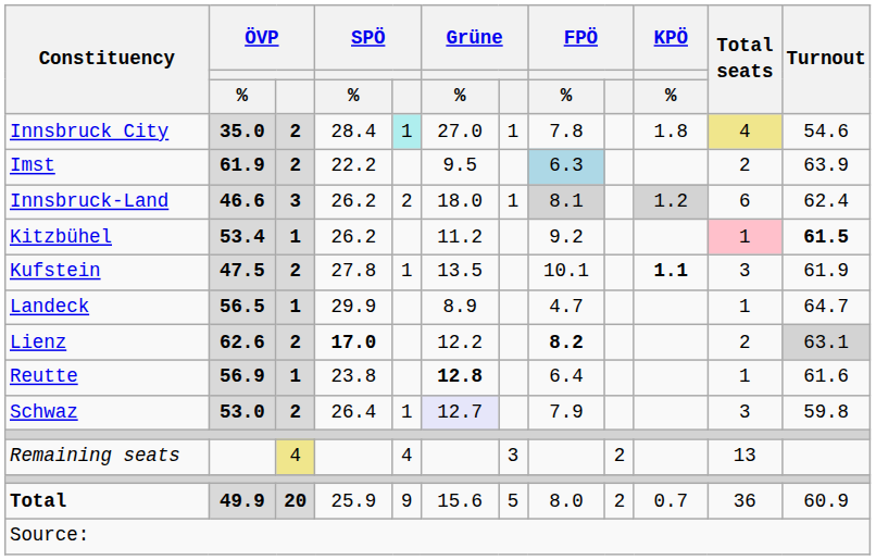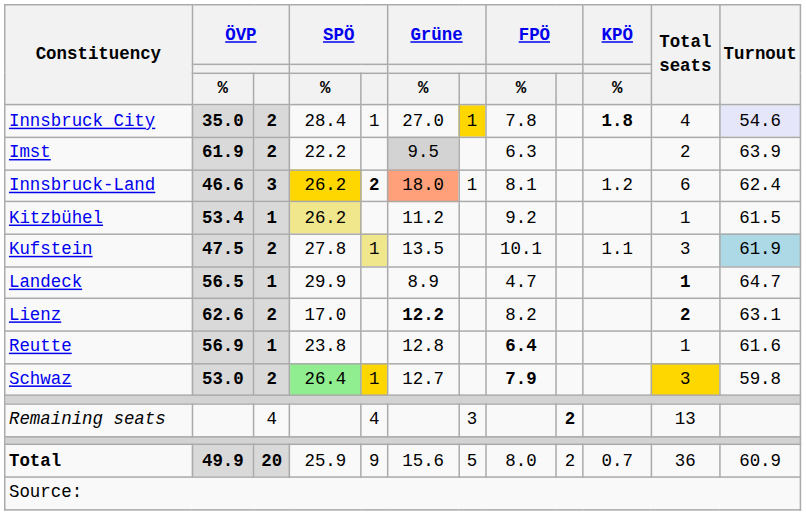 <table class="wikitable" style="text-align:center;font-size:90%;line-height:16px">
 <tr style="height:40px;">
 <th style="width:120px;" rowspan="3">Constituency</th>
 <th style="width:60px;" colspan="2"><a href='#'>ÖVP</a></th>
 <th style="width:60px;" colspan="2"><a href='#'>SPÖ</a></th>
 <th style="width:60px;" colspan="2"><a href='#'>Grüne</a></th>
 <th style="width:60px;" colspan="2"><a href='#'>FPÖ</a></th>
 <th style="width:40px;"><a href='#'>KPÖ</a></th>
 <th class="unsortable" style="width:40px;" rowspan="3">Total<br>seats</th>
 <th class="unsortable" style="width:40px;" rowspan="3">Turnout</th>
 </tr>
 <tr>
 <th colspan="2" style="background:"></th>
 <th colspan="2" style="background:"></th>
 <th colspan="2" style="background:"></th>
 <th colspan="2" style="background:"></th>
 <th style="background:"></th>
 </tr>
 <tr>
 <th class=unsortable>%</th>
 <th class=unsortable></th>
 <th class=unsortable>%</th>
 <th class=unsortable></th>
 <th class=unsortable>%</th>
 <th class=unsortable></th>
 <th class=unsortable>%</th>
 <th class=unsortable></th>
 <th class=unsortable>%</th>
 </tr>
 <tr>
 <td align=left><a href='#'>Innsbruck City</a></td>
 <td bgcolor=#D9D9D9><strong>35.0</strong></td>
 <td bgcolor=#D9D9D9><strong>2</strong></td>
 <td>28.4</td>
-<td style="background: paleturquoise;">1</td>
+<td>1</td>
 <td>27.0</td>
-<td>1</td>
+<td style="background: gold;">1</td>
 <td>7.8</td>
 <td></td>
-<td>1.8</td>
-<td style="background: khaki;">4</td>
-<td>54.6</td>
+<td><strong>1.8</strong></td>
+<td>4</td>
+<td style="background: lavender;">54.6</td>
 </tr>
 <tr>
 <td align=left><a href='#'>Imst</a></td>
 <td bgcolor=#D9D9D9><strong>61.9</strong></td>
 <td bgcolor=#D9D9D9><strong>2</strong></td>
 <td>22.2</td>
 <td></td>
-<td>9.5</td>
+<td style="background: lightgrey;">9.5</td>
 <td></td>
-<td style="background: lightblue;">6.3</td>
+<td>6.3</td>
 <td></td>
 <td></td>
 <td>2</td>
 <td>63.9</td>
 </tr>
 <tr>
 <td align=left><a href='#'>Innsbruck-Land</a></td>
 <td bgcolor=#D9D9D9><strong>46.6</strong></td>
 <td bgcolor=#D9D9D9><strong>3</strong></td>
-<td>26.2</td>
-<td>2</td>
-<td>18.0</td>
+<td style="background: gold;">26.2</td>
+<td><strong>2</strong></td>
+<td style="background: lightsalmon;">18.0</td>
 <td>1</td>
-<td style="background: lightgrey;">8.1</td>
+<td>8.1</td>
 <td></td>
-<td style="background: lightgrey;">1.2</td>
+<td>1.2</td>
 <td>6</td>
 <td>62.4</td>
 </tr>
 <tr>
 <td align=left><a href='#'>Kitzbühel</a></td>
 <td bgcolor=#D9D9D9><strong>53.4</strong></td>
 <td bgcolor=#D9D9D9><strong>1</strong></td>
-<td>26.2</td>
+<td style="background: khaki;">26.2</td>
 <td></td>
 <td>11.2</td>
 <td></td>
 <td>9.2</td>
 <td></td>
 <td></td>
-<td style="background: pink;">1</td>
-<td><strong>61.5</strong></td>
+<td>1</td>
+<td>61.5</td>
 </tr>
 <tr>
 <td align=left><a href='#'>Kufstein</a></td>
 <td bgcolor=#D9D9D9><strong>47.5</strong></td>
 <td bgcolor=#D9D9D9><strong>2</strong></td>
 <td>27.8</td>
-<td>1</td>
+<td style="background: khaki;">1</td>
 <td>13.5</td>
 <td></td>
 <td>10.1</td>
 <td></td>
-<td><strong>1.1</strong></td>
+<td>1.1</td>
 <td>3</td>
-<td>61.9</td>
+<td style="background: lightblue;">61.9</td>
 </tr>
 <tr>
 <td align=left><a href='#'>Landeck</a></td>
 <td bgcolor=#D9D9D9><strong>56.5</strong></td>
 <td bgcolor=#D9D9D9><strong>1</strong></td>
 <td>29.9</td>
 <td></td>
 <td>8.9</td>
 <td></td>
 <td>4.7</td>
 <td></td>
 <td></td>
-<td>1</td>
+<td><strong>1</strong></td>
 <td>64.7</td>
 </tr>
 <tr>
 <td align=left><a href='#'>Lienz</a></td>
 <td bgcolor=#D9D9D9><strong>62.6</strong></td>
 <td bgcolor=#D9D9D9><strong>2</strong></td>
-<td><strong>17.0</strong></td>
+<td>17.0</td>
 <td></td>
-<td>12.2</td>
+<td><strong>12.2</strong></td>
 <td></td>
-<td><strong>8.2</strong></td>
+<td>8.2</td>
 <td></td>
 <td></td>
-<td>2</td>
-<td style="background: lightgrey;">63.1</td>
+<td><strong>2</strong></td>
+<td>63.1</td>
 </tr>
 <tr>
 <td align=left><a href='#'>Reutte</a></td>
 <td bgcolor=#D9D9D9><strong>56.9</strong></td>
 <td bgcolor=#D9D9D9><strong>1</strong></td>
 <td>23.8</td>
 <td></td>
-<td><strong>12.8</strong></td>
+<td>12.8</td>
 <td></td>
-<td>6.4</td>
+<td><strong>6.4</strong></td>
 <td></td>
 <td></td>
 <td>1</td>
 <td>61.6</td>
 </tr>
 <tr>
 <td align=left><a href='#'>Schwaz</a></td>
 <td bgcolor=#D9D9D9><strong>53.0</strong></td>
 <td bgcolor=#D9D9D9><strong>2</strong></td>
-<td>26.4</td>
-<td>1</td>
-<td style="background: lavender;">12.7</td>
+<td style="background: lightgreen;">26.4</td>
+<td style="background: gold;">1</td>
+<td>12.7</td>
 <td></td>
-<td>7.9</td>
+<td><strong>7.9</strong></td>
 <td></td>
 <td></td>
-<td>3</td>
+<td style="background: gold;">3</td>
 <td>59.8</td>
 </tr>
 <tr>
 <td colspan=12 bgcolor=lightgrey></td>
 </tr>
 <tr>
 <td align=left><em>Remaining seats</em></td>
 <td></td>
-<td style="background: khaki;">4</td>
+<td>4</td>
 <td></td>
 <td>4</td>
 <td></td>
 <td>3</td>
 <td></td>
-<td>2</td>
+<td><strong>2</strong></td>
 <td></td>
 <td>13</td>
 <td></td>
 </tr>
 <tr>
 <td colspan=12 bgcolor=lightgrey></td>
 </tr>
 <tr>
 <td align=left><strong>Total</strong></td>
 <td bgcolor=#D9D9D9><strong>49.9</strong></td>
 <td bgcolor=#D9D9D9><strong>20</strong></td>
 <td>25.9</td>
 <td>9</td>
 <td>15.6</td>
 <td>5</td>
 <td>8.0</td>
 <td>2</td>
 <td>0.7</td>
 <td>36</td>
 <td>60.9</td>
 </tr>
 <tr class=sortbottom>
 <td colspan=12 align=left>Source: </td>
 </tr>
 </table>
